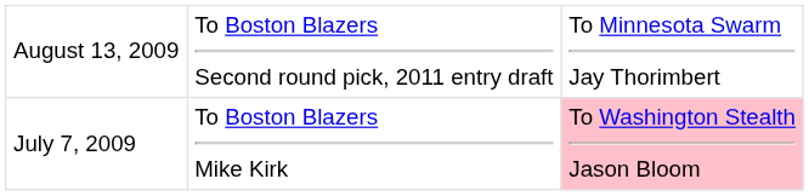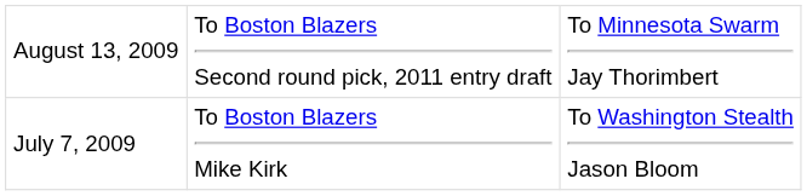 <table border=1 style="border-collapse:collapse" bordercolor="#DFDFDF"  cellpadding="5">
 <tr>
 <td>August 13, 2009</td>
 <td valign="top">To <a href='#'>Boston Blazers</a> <hr>Second round pick, 2011 entry draft</td>
 <td valign="top">To <a href='#'>Minnesota Swarm</a><hr>Jay Thorimbert</td>
 </tr>
 <tr>
 <td>July 7, 2009</td>
 <td valign="top">To <a href='#'>Boston Blazers</a> <hr>Mike Kirk</td>
-<td valign="top" style="background: pink;">To <a href='#'>Washington Stealth</a><hr>Jason Bloom</td>
+<td valign="top">To <a href='#'>Washington Stealth</a><hr>Jason Bloom</td>
 </tr>
 </table>
